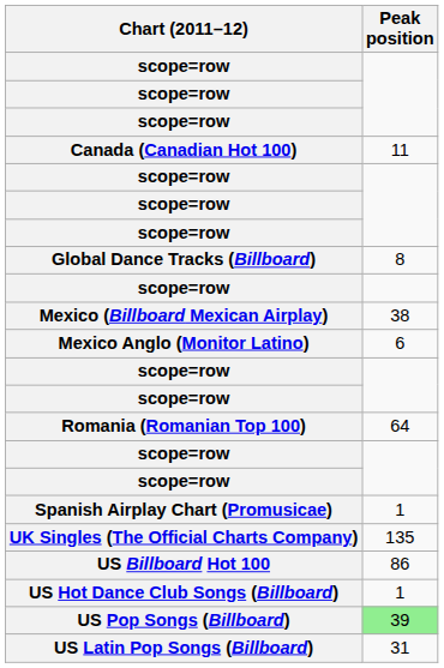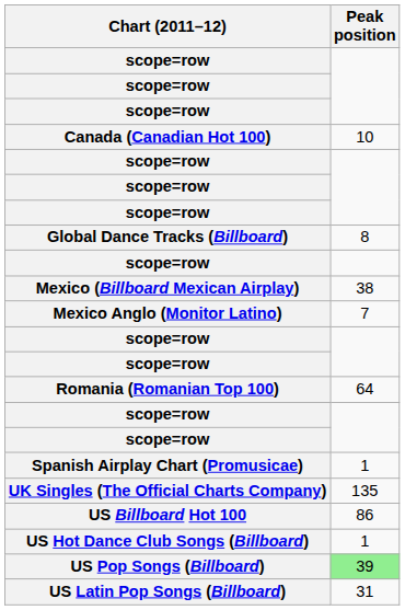 <table class="wikitable sortable plainrowheaders">
 <tr>
 <th>Chart (2011–12)</th>
 <th>Peak<br>position</th>
 </tr>
 <tr>
 <th>scope=row</th>
 </tr>
 <tr>
 <th>scope=row</th>
 </tr>
 <tr>
 <th>scope=row</th>
 </tr>
 <tr>
 <th scope=row>Canada (<a href='#'>Canadian Hot 100</a>)</th>
-<td style="text-align:center;">11</td>
+<td style="text-align:center;">10</td>
 </tr>
 <tr>
 <th>scope=row</th>
 </tr>
 <tr>
 <th>scope=row</th>
 </tr>
 <tr>
 <th>scope=row</th>
 </tr>
 <tr>
 <th scope="row">Global Dance Tracks (<em><a href='#'>Billboard</a></em>)</th>
 <td style="text-align:center;">8</td>
 </tr>
 <tr>
 <th>scope=row</th>
 </tr>
 <tr>
 <th scope=row>Mexico (<a href='#'><em>Billboard</em> Mexican Airplay</a>)</th>
 <td align="center">38</td>
 </tr>
 <tr>
 <th scope=row>Mexico Anglo (<a href='#'>Monitor Latino</a>)</th>
-<td align="center">6</td>
+<td align="center">7</td>
 </tr>
 <tr>
 <th>scope=row</th>
 </tr>
 <tr>
 <th>scope=row</th>
 </tr>
 <tr>
 <th scope=row>Romania (<a href='#'>Romanian Top 100</a>)</th>
 <td align="center">64</td>
 </tr>
 <tr>
 <th>scope=row</th>
 </tr>
 <tr>
 <th>scope=row</th>
 </tr>
 <tr>
 <th scope=row>Spanish Airplay Chart (<a href='#'>Promusicae</a>)</th>
 <td style="text-align:center;">1</td>
 </tr>
 <tr>
 <th scope=row><a href='#'>UK Singles</a> (<a href='#'>The Official Charts Company</a>)</th>
 <td style="text-align:center;">135</td>
 </tr>
 <tr>
 <th scope=row>US <em><a href='#'>Billboard</a></em> <a href='#'>Hot 100</a></th>
 <td style="text-align:center;">86</td>
 </tr>
 <tr>
 <th scope=row>US <a href='#'>Hot Dance Club Songs</a> (<em><a href='#'>Billboard</a></em>)</th>
 <td style="text-align:center;">1</td>
 </tr>
 <tr>
 <th scope=row>US <a href='#'>Pop Songs</a> (<em><a href='#'>Billboard</a></em>)</th>
 <td style="background: lightgreen; text-align:center;">39</td>
 </tr>
 <tr>
 <th scope=row>US <a href='#'>Latin Pop Songs</a> (<em><a href='#'>Billboard</a></em>)</th>
 <td style="text-align:center;">31</td>
 </tr>
 </table>
